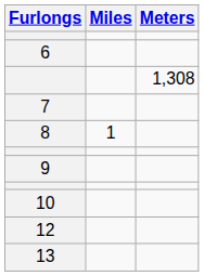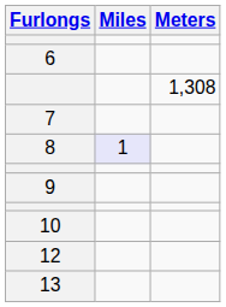 <table class="wikitable" style="vertical-align:top; text-align:center;">
 <tr>
 <th scope= "col"><a href='#'>Furlongs</a></th>
 <th scope= "col"><a href='#'>Miles</a></th>
 <th scope= "col"><a href='#'>Meters</a></th>
 </tr>
 <tr>
 <th scope="row" style="font-weight:normal;"></th>
 <td></td>
 <td style="text-align:right;"></td>
 </tr>
 <tr>
 <th scope="row" style="font-weight:normal;">6</th>
 <td></td>
 <td style="text-align:right;"></td>
 </tr>
 <tr>
 <th scope="row" style="font-weight:normal;"></th>
 <td></td>
 <td style="text-align:right;">1,308</td>
 </tr>
 <tr>
 <th scope="row" style="font-weight:normal;">7</th>
 <td></td>
 <td style="text-align:right;"></td>
 </tr>
 <tr>
 <th scope="row" style="font-weight:normal;">8</th>
-<td>1</td>
+<td style="background: lavender;">1</td>
 <td style="text-align:right;"></td>
 </tr>
 <tr>
 <th scope="row" style="font-weight:normal;"></th>
 <td></td>
 <td style="text-align:right;"></td>
 </tr>
 <tr>
 <th scope="row" style="font-weight:normal;">9</th>
 <td></td>
 <td style="text-align:right;"></td>
 </tr>
 <tr>
 <th scope="row" style="font-weight:normal;"></th>
 <td></td>
 <td style="text-align:right;"></td>
 </tr>
 <tr>
 <th scope="row" style="font-weight:normal;">10</th>
 <td></td>
 <td style="text-align:right;"></td>
 </tr>
 <tr>
 <th scope="row" style="font-weight:normal;">12</th>
 <td></td>
 <td style="text-align:right;"></td>
 </tr>
 <tr>
 <th scope="row" style="font-weight:normal;">13</th>
 <td></td>
 <td style="text-align:right;"></td>
 </tr>
 </table>
